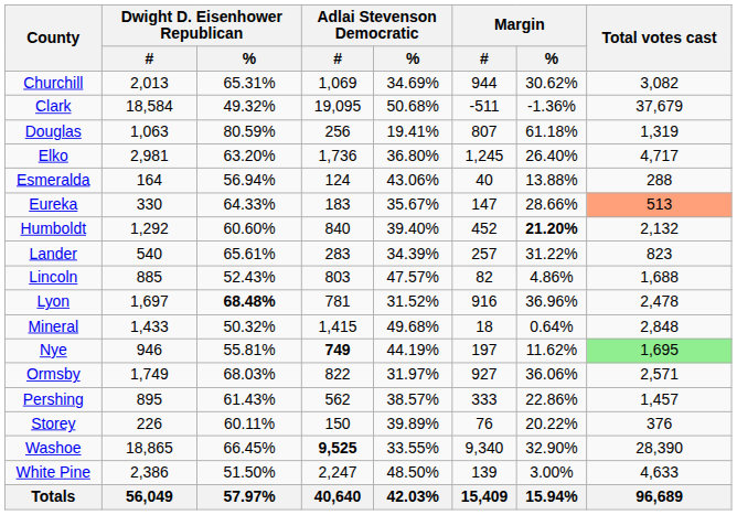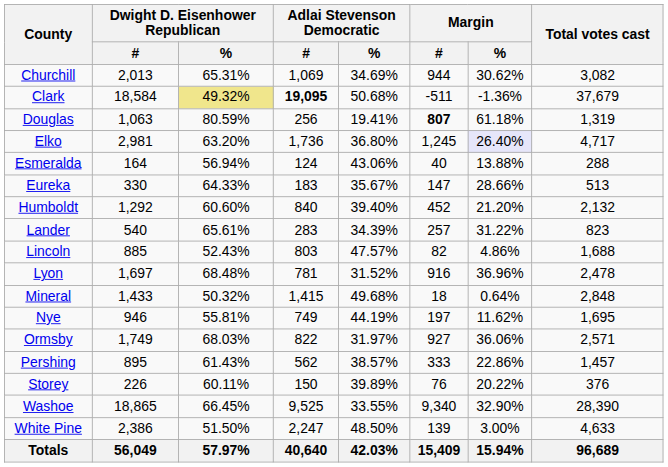 <table width="60%"  class="wikitable sortable" style="text-align:center">
 <tr>
 <th style="text-align:center;" rowspan="2">County</th>
 <th style="text-align:center;" colspan="2">Dwight D. Eisenhower<br>Republican</th>
 <th style="text-align:center;" colspan="2">Adlai Stevenson<br>Democratic</th>
 <th style="text-align:center;" colspan="2">Margin</th>
 <th style="text-align:center;" rowspan="2">Total votes cast</th>
 </tr>
 <tr>
 <th style="text-align:center;" data-sort-type="number">#</th>
 <th style="text-align:center;" data-sort-type="number">%</th>
 <th style="text-align:center;" data-sort-type="number">#</th>
 <th style="text-align:center;" data-sort-type="number">%</th>
 <th style="text-align:center;" data-sort-type="number">#</th>
 <th style="text-align:center;" data-sort-type="number">%</th>
 </tr>
 <tr style="text-align:center;">
 <td><a href='#'>Churchill</a></td>
 <td>2,013</td>
 <td>65.31%</td>
 <td>1,069</td>
 <td>34.69%</td>
 <td>944</td>
 <td>30.62%</td>
 <td>3,082</td>
 </tr>
 <tr style="text-align:center;">
 <td><a href='#'>Clark</a></td>
 <td>18,584</td>
-<td>49.32%</td>
-<td>19,095</td>
+<td style="background: khaki;">49.32%</td>
+<td><strong>19,095</strong></td>
 <td>50.68%</td>
 <td>-511</td>
 <td>-1.36%</td>
 <td>37,679</td>
 </tr>
 <tr style="text-align:center;">
 <td><a href='#'>Douglas</a></td>
 <td>1,063</td>
 <td>80.59%</td>
 <td>256</td>
 <td>19.41%</td>
-<td>807</td>
+<td><strong>807</strong></td>
 <td>61.18%</td>
 <td>1,319</td>
 </tr>
 <tr style="text-align:center;">
 <td><a href='#'>Elko</a></td>
 <td>2,981</td>
 <td>63.20%</td>
 <td>1,736</td>
 <td>36.80%</td>
 <td>1,245</td>
-<td>26.40%</td>
+<td style="background: lavender;">26.40%</td>
 <td>4,717</td>
 </tr>
 <tr style="text-align:center;">
 <td><a href='#'>Esmeralda</a></td>
 <td>164</td>
 <td>56.94%</td>
 <td>124</td>
 <td>43.06%</td>
 <td>40</td>
 <td>13.88%</td>
 <td>288</td>
 </tr>
 <tr style="text-align:center;">
 <td><a href='#'>Eureka</a></td>
 <td>330</td>
 <td>64.33%</td>
 <td>183</td>
 <td>35.67%</td>
 <td>147</td>
 <td>28.66%</td>
-<td style="background: lightsalmon;">513</td>
+<td>513</td>
 </tr>
 <tr style="text-align:center;">
 <td><a href='#'>Humboldt</a></td>
 <td>1,292</td>
 <td>60.60%</td>
 <td>840</td>
 <td>39.40%</td>
 <td>452</td>
-<td><strong>21.20%</strong></td>
+<td>21.20%</td>
 <td>2,132</td>
 </tr>
 <tr style="text-align:center;">
 <td><a href='#'>Lander</a></td>
 <td>540</td>
 <td>65.61%</td>
 <td>283</td>
 <td>34.39%</td>
 <td>257</td>
 <td>31.22%</td>
 <td>823</td>
 </tr>
 <tr style="text-align:center;">
 <td><a href='#'>Lincoln</a></td>
 <td>885</td>
 <td>52.43%</td>
 <td>803</td>
 <td>47.57%</td>
 <td>82</td>
 <td>4.86%</td>
 <td>1,688</td>
 </tr>
 <tr style="text-align:center;">
 <td><a href='#'>Lyon</a></td>
 <td>1,697</td>
-<td><strong>68.48%</strong></td>
+<td>68.48%</td>
 <td>781</td>
 <td>31.52%</td>
 <td>916</td>
 <td>36.96%</td>
 <td>2,478</td>
 </tr>
 <tr style="text-align:center;">
 <td><a href='#'>Mineral</a></td>
 <td>1,433</td>
 <td>50.32%</td>
 <td>1,415</td>
 <td>49.68%</td>
 <td>18</td>
 <td>0.64%</td>
 <td>2,848</td>
 </tr>
 <tr style="text-align:center;">
 <td><a href='#'>Nye</a></td>
 <td>946</td>
 <td>55.81%</td>
-<td><strong>749</strong></td>
+<td>749</td>
 <td>44.19%</td>
 <td>197</td>
 <td>11.62%</td>
-<td style="background: lightgreen;">1,695</td>
+<td>1,695</td>
 </tr>
 <tr style="text-align:center;">
 <td><a href='#'>Ormsby</a></td>
 <td>1,749</td>
 <td>68.03%</td>
 <td>822</td>
 <td>31.97%</td>
 <td>927</td>
 <td>36.06%</td>
 <td>2,571</td>
 </tr>
 <tr style="text-align:center;">
 <td><a href='#'>Pershing</a></td>
 <td>895</td>
 <td>61.43%</td>
 <td>562</td>
 <td>38.57%</td>
 <td>333</td>
 <td>22.86%</td>
 <td>1,457</td>
 </tr>
 <tr style="text-align:center;">
 <td><a href='#'>Storey</a></td>
 <td>226</td>
 <td>60.11%</td>
 <td>150</td>
 <td>39.89%</td>
 <td>76</td>
 <td>20.22%</td>
 <td>376</td>
 </tr>
 <tr style="text-align:center;">
 <td><a href='#'>Washoe</a></td>
 <td>18,865</td>
 <td>66.45%</td>
-<td><strong>9,525</strong></td>
+<td>9,525</td>
 <td>33.55%</td>
 <td>9,340</td>
 <td>32.90%</td>
 <td>28,390</td>
 </tr>
 <tr style="text-align:center;">
 <td><a href='#'>White Pine</a></td>
 <td>2,386</td>
 <td>51.50%</td>
 <td>2,247</td>
 <td>48.50%</td>
 <td>139</td>
 <td>3.00%</td>
 <td>4,633</td>
 </tr>
 <tr style="text-align:center;">
 <th>Totals</th>
 <th>56,049</th>
 <th>57.97%</th>
 <th>40,640</th>
 <th>42.03%</th>
 <th>15,409</th>
 <th>15.94%</th>
 <th>96,689</th>
 </tr>
 </table>
